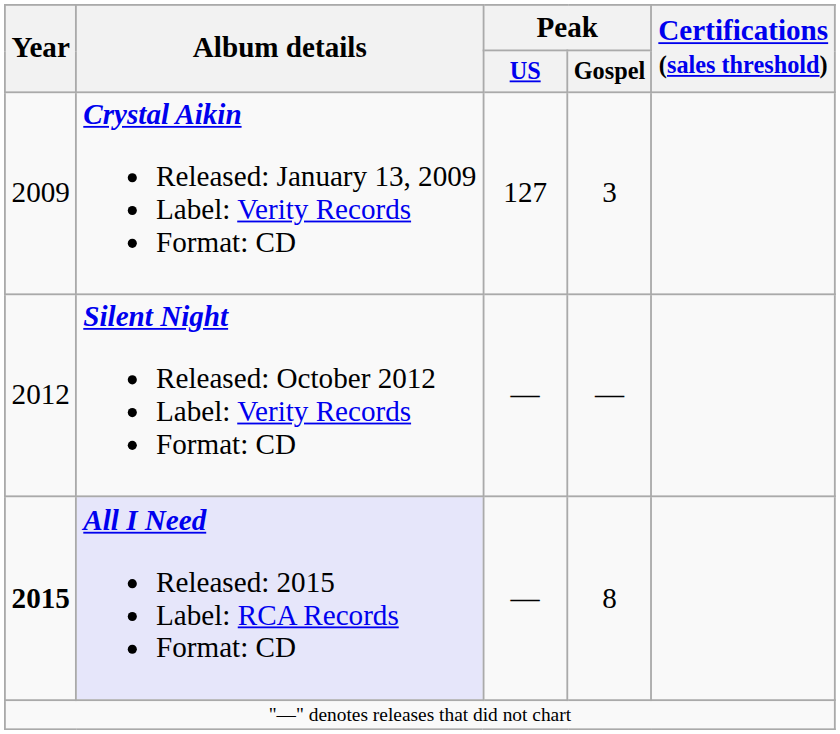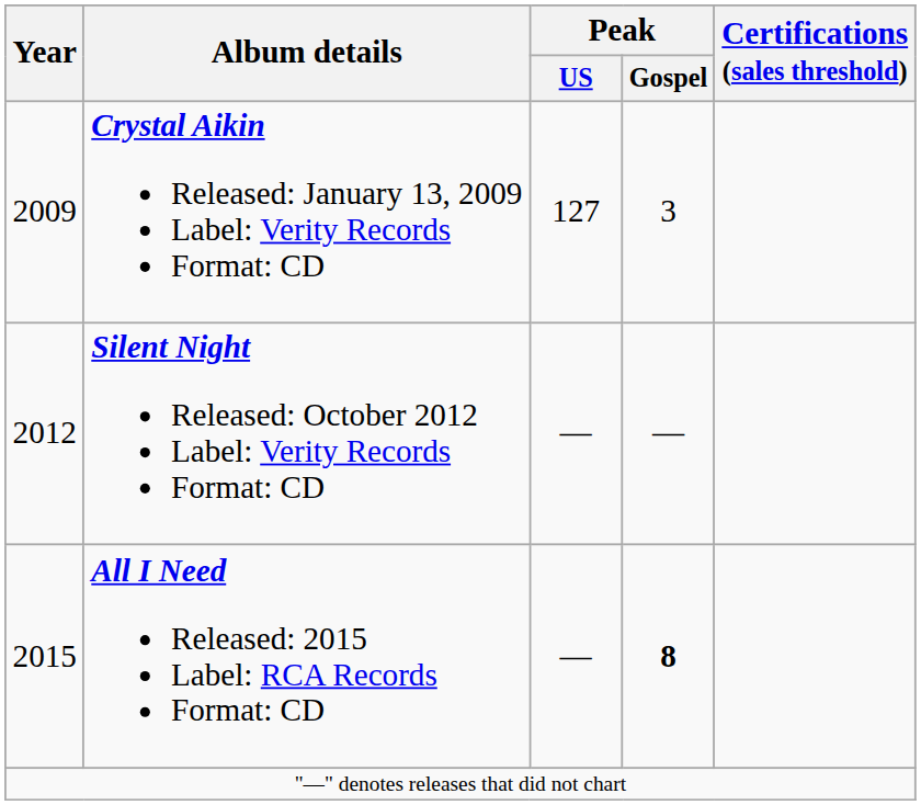 <table class="wikitable" style="text-align:center;">
 <tr>
 <th rowspan="2">Year</th>
 <th rowspan="2">Album details</th>
 <th colspan="2">Peak</th>
 <th rowspan="2"><a href='#'>Certifications</a><br><small>(<a href='#'>sales threshold</a>)</small></th>
 </tr>
 <tr style="font-size:smaller;">
 <th width="40"><a href='#'>US</a></th>
 <th width="40">Gospel</th>
 </tr>
 <tr>
 <td align="left">2009</td>
 <td align="left"><strong><em><a href='#'>Crystal Aikin</a></em></strong><br><ul><li>Released: January 13, 2009</li><li>Label: <a href='#'>Verity Records</a></li><li>Format: CD</li></ul></td>
 <td>127</td>
 <td>3</td>
 <td></td>
 </tr>
 <tr>
 <td align="left">2012</td>
 <td align="left"><strong><em><a href='#'>Silent Night</a></em></strong><br><ul><li>Released: October 2012</li><li>Label: <a href='#'>Verity Records</a></li><li>Format: CD</li></ul></td>
 <td>—</td>
 <td>—</td>
 <td></td>
 </tr>
 <tr>
-<td align="left"><strong>2015</strong></td>
-<td align="left" style="background: lavender;"><strong><em><a href='#'>All I Need</a></em></strong><br><ul><li>Released: 2015</li><li>Label: <a href='#'>RCA Records</a></li><li>Format: CD</li></ul></td>
+<td align="left">2015</td>
+<td align="left"><strong><em><a href='#'>All I Need</a></em></strong><br><ul><li>Released: 2015</li><li>Label: <a href='#'>RCA Records</a></li><li>Format: CD</li></ul></td>
 <td>—</td>
-<td>8</td>
+<td><strong>8</strong></td>
 <td></td>
 </tr>
 <tr>
 <td colspan="7" style="font-size:8pt">"—" denotes releases that did not chart</td>
 </tr>
 </table>
